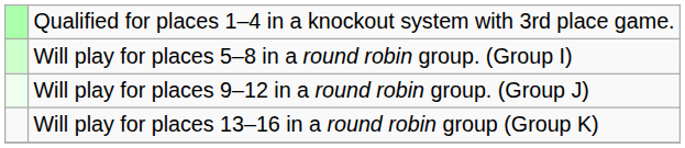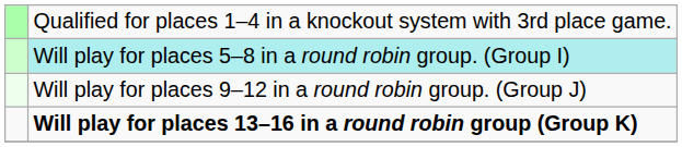 <table class="wikitable">
 <tr>
 <td width=10px bgcolor=#aaffaa></td>
 <td>Qualified for places 1–4 in a knockout system with 3rd place game.</td>
 </tr>
 <tr>
 <td width=10px bgcolor=#ccffcc></td>
-<td>Will play for places 5–8 in a <em>round robin</em> group. (Group I)</td>
+<td style="background: paleturquoise;">Will play for places 5–8 in a <em>round robin</em> group. (Group I)</td>
 </tr>
 <tr>
 <td width=10px bgcolor=#eeffee></td>
 <td>Will play for places 9–12 in a <em>round robin</em> group. (Group J)</td>
 </tr>
 <tr>
 <td width=10px></td>
-<td>Will play for places 13–16 in a <em>round robin</em> group (Group K)</td>
+<td><strong>Will play for places 13–16 in a <em>round robin</em> group (Group K)</strong></td>
 </tr>
 <tr>
 </tr>
 </table>
